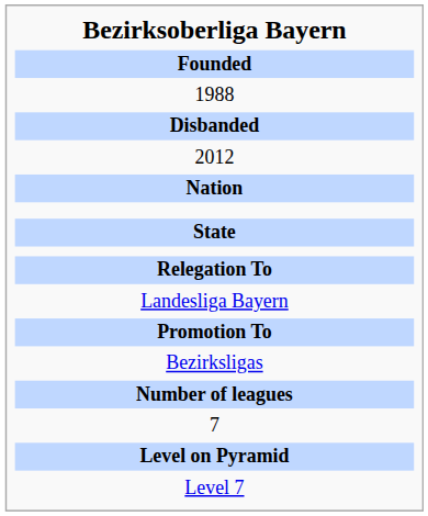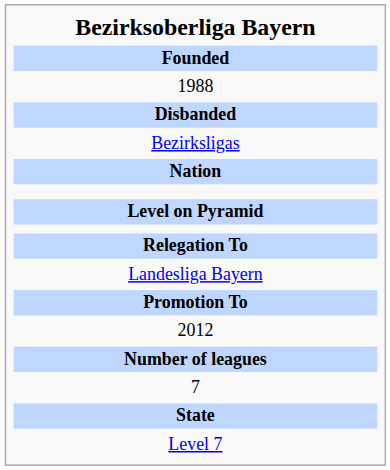 <table class="infobox football" style="width: 16em; text-align: center;">
 <tr>
 <th style="font-size: 16px;">Bezirksoberliga Bayern</th>
 </tr>
 <tr>
 <td style="font-size: 12px; background: #BFD7FF;"><strong>Founded</strong></td>
 </tr>
 <tr>
 <td style="font-size: 12px;">1988</td>
 </tr>
 <tr>
 <td style="font-size: 12px; background: #BFD7FF;"><strong>Disbanded</strong></td>
 </tr>
 <tr>
-<td style="font-size: 12px;">2012</td>
+<td style="font-size: 12px;"><a href='#'>Bezirksligas</a></td>
 </tr>
 <tr>
 <td style="font-size: 12px; background: #BFD7FF;"><strong>Nation</strong></td>
 </tr>
 <tr>
 <td style="font-size: 12px;"></td>
 </tr>
 <tr>
 <td style="font-size: 11px; line-height: 15px;"></td>
 </tr>
 <tr>
-<td style="font-size: 12px; background: #BFD7FF;"><strong>State</strong></td>
+<td style="font-size: 12px; background: #BFD7FF;"><strong>Level on Pyramid</strong></td>
 </tr>
 <tr>
 <td style="font-size: 12px;"></td>
 </tr>
 <tr>
 <td style="font-size: 12px; background: #BFD7FF;"><strong>Relegation To</strong></td>
 </tr>
 <tr>
 <td style="font-size: 12px;"><a href='#'>Landesliga Bayern</a></td>
 </tr>
 <tr>
 <td style="font-size: 12px; background: #BFD7FF;"><strong>Promotion To</strong></td>
 </tr>
 <tr>
-<td style="font-size: 12px;"><a href='#'>Bezirksligas</a></td>
+<td style="font-size: 12px;">2012</td>
 </tr>
 <tr>
 <td style="font-size: 12px; background: #BFD7FF;"><strong>Number of leagues</strong></td>
 </tr>
 <tr>
 <td style="font-size: 12px;">7</td>
 </tr>
 <tr>
-<td style="font-size: 12px; background: #BFD7FF;"><strong>Level on Pyramid</strong></td>
+<td style="font-size: 12px; background: #BFD7FF;"><strong>State</strong></td>
 </tr>
 <tr>
 <td style="font-size: 12px;"><a href='#'>Level 7</a></td>
 </tr>
 </table>
